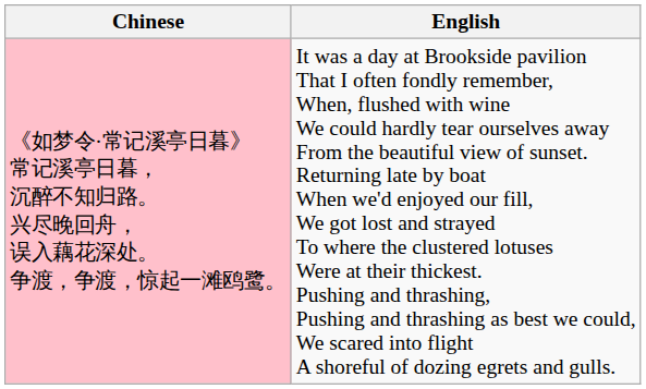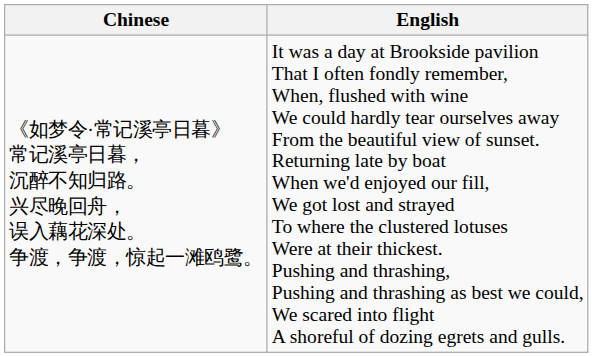 <table class="wikitable">
 <tr>
 <th>Chinese</th>
 <th>English</th>
 </tr>
 <tr>
-<td style="background: pink;">《如梦令·常记溪亭日暮》<br>常记溪亭日暮，<br>沉醉不知归路。<br>兴尽晚回舟，<br>误入藕花深处。<br>争渡，争渡，惊起一滩鸥鹭。</td>
+<td>《如梦令·常记溪亭日暮》<br>常记溪亭日暮，<br>沉醉不知归路。<br>兴尽晚回舟，<br>误入藕花深处。<br>争渡，争渡，惊起一滩鸥鹭。</td>
 <td>It was a day at Brookside pavilion<br>That I often fondly remember,<br>When, flushed with wine<br>We could hardly tear ourselves away<br>From the beautiful view of sunset.<br>Returning late by boat<br>When we'd enjoyed our fill,<br>We got lost and strayed<br>To where the clustered lotuses<br>Were at their thickest.<br>Pushing and thrashing,<br>Pushing and thrashing as best we could,<br>We scared into flight<br>A shoreful of dozing egrets and gulls.</td>
 </tr>
 </table>
